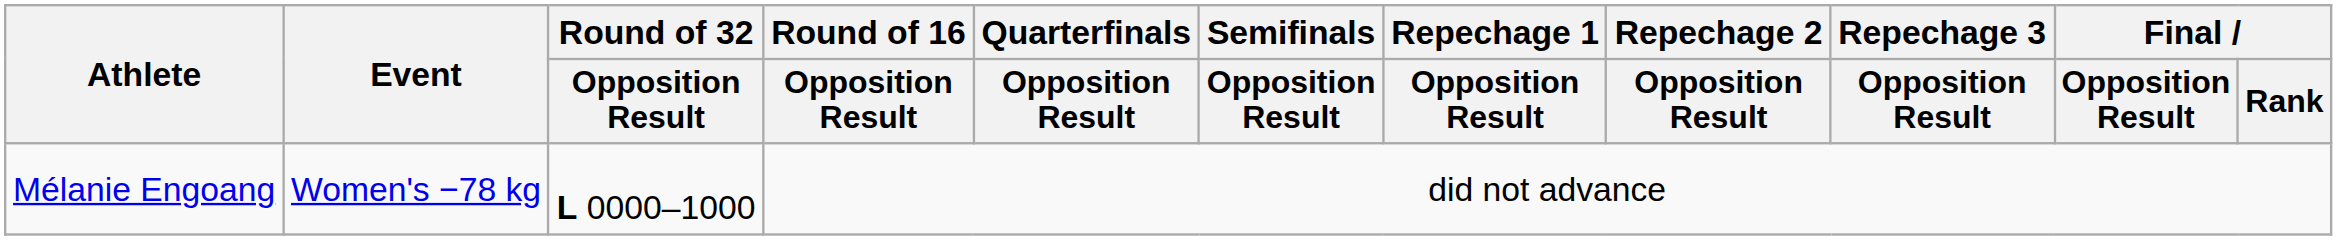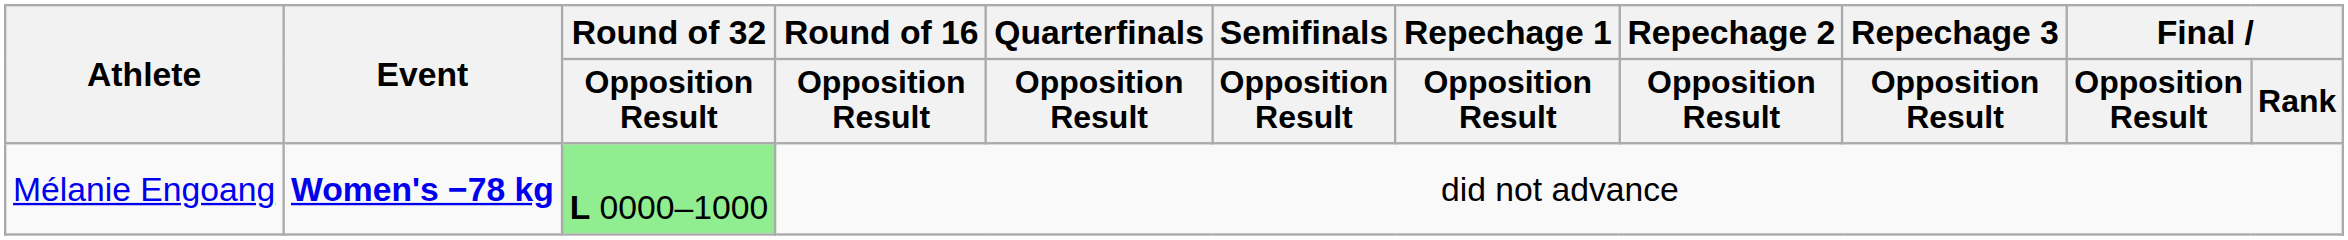 <table class="wikitable" style="font-size:90%">
 <tr>
 <th rowspan="2">Athlete</th>
 <th rowspan="2">Event</th>
 <th>Round of 32</th>
 <th>Round of 16</th>
 <th>Quarterfinals</th>
 <th>Semifinals</th>
 <th>Repechage 1</th>
 <th>Repechage 2</th>
 <th>Repechage 3</th>
 <th colspan=2>Final / </th>
 </tr>
 <tr style="font-size:95%">
 <th>Opposition<br>Result</th>
 <th>Opposition<br>Result</th>
 <th>Opposition<br>Result</th>
 <th>Opposition<br>Result</th>
 <th>Opposition<br>Result</th>
 <th>Opposition<br>Result</th>
 <th>Opposition<br>Result</th>
 <th>Opposition<br>Result</th>
 <th>Rank</th>
 </tr>
 <tr align=center>
 <td align=left><a href='#'>Mélanie Engoang</a></td>
-<td align=left><a href='#'>Women's −78 kg</a></td>
-<td><br><strong>L</strong> 0000–1000</td>
+<td align=left><strong><a href='#'>Women's −78 kg</a></strong></td>
+<td style="background: lightgreen;"><br><strong>L</strong> 0000–1000</td>
 <td colspan=8>did not advance</td>
 </tr>
 </table>
